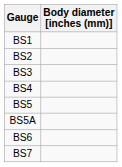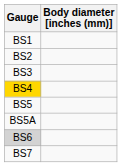 <table class="wikitable" style="text-align:center">
 <tr>
 <th>Gauge</th>
 <th>Body diameter<br>[inches (mm)]</th>
 </tr>
 <tr>
 <td>BS1</td>
 <td></td>
 </tr>
 <tr>
 <td>BS2</td>
 <td></td>
 </tr>
 <tr>
 <td>BS3</td>
 <td></td>
 </tr>
 <tr>
-<td>BS4</td>
+<td style="background: gold;">BS4</td>
 <td></td>
 </tr>
 <tr>
 <td>BS5</td>
 <td></td>
 </tr>
 <tr>
 <td>BS5A</td>
 <td></td>
 </tr>
 <tr>
-<td>BS6</td>
+<td style="background: lightgrey;">BS6</td>
 <td></td>
 </tr>
 <tr>
 <td>BS7</td>
 <td></td>
 </tr>
 </table>
